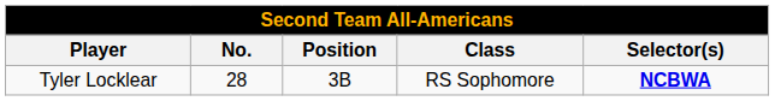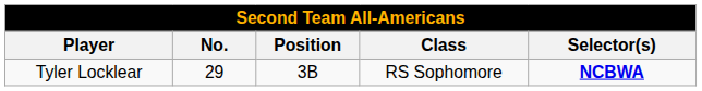 <table class="wikitable" style="text-align:center">
 <tr>
 <td colspan="5" style= "background: #000000; color:#FFB300"><strong>Second Team All-Americans</strong></td>
 </tr>
 <tr>
 <th style="width:150px; ">Player</th>
 <th style="width:70px; ">No.</th>
 <th style="width:90px; ">Position</th>
 <th style="width:150px; ">Class</th>
 <th style="width:150px; ">Selector(s)</th>
 </tr>
 <tr>
 <td>Tyler Locklear</td>
-<td>28</td>
+<td>29</td>
 <td>3B</td>
 <td>RS Sophomore</td>
 <td><strong><a href='#'>NCBWA</a></strong></td>
 </tr>
 </table>
